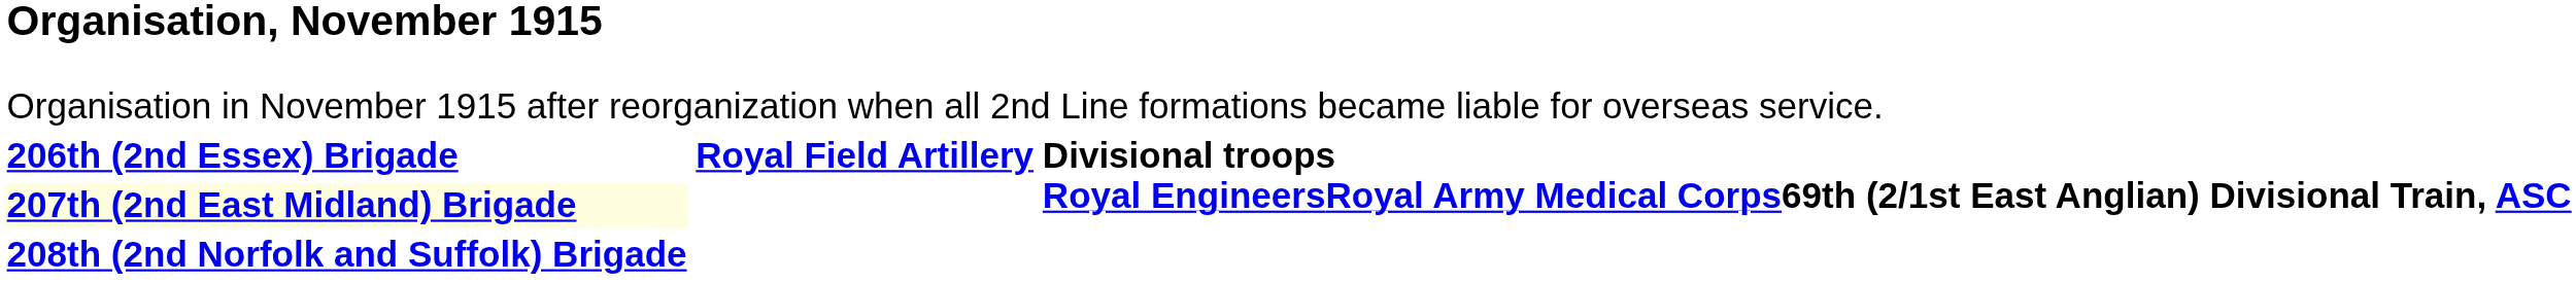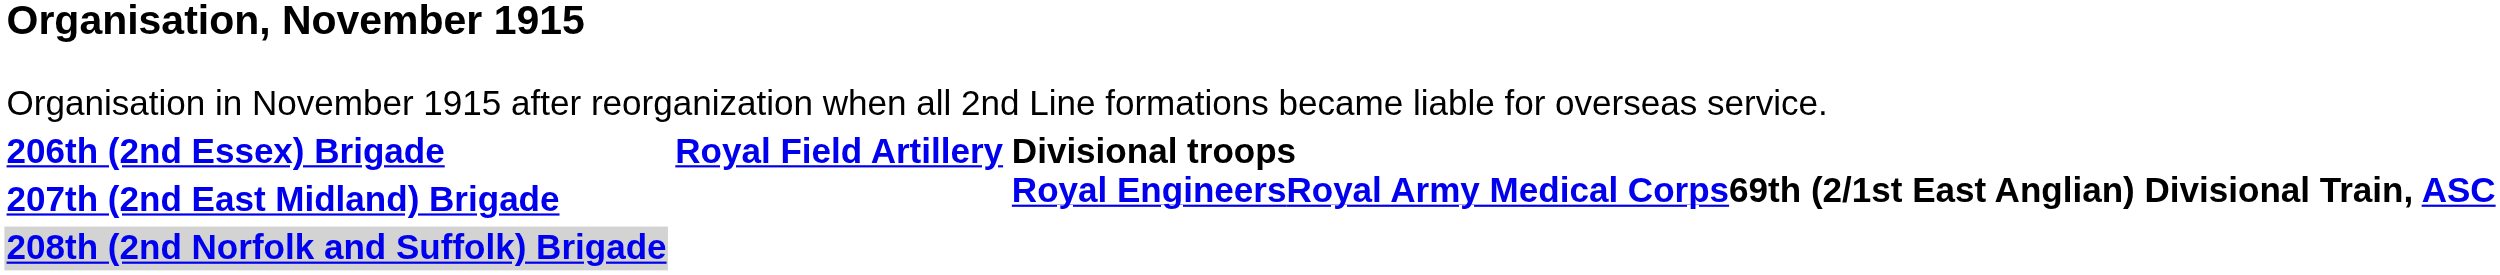 <table>
 <tr>
 <td colspan="3"><br><h3>Organisation, November 1915</h3>Organisation in November 1915 after reorganization when all 2nd Line formations became liable for overseas service.</td>
 </tr>
 <tr valign="top">
 <td><strong><a href='#'>206th (2nd Essex) Brigade</a></strong><br></td>
 <td rowspan=3><strong><a href='#'>Royal Field Artillery</a></strong><br></td>
 <td rowspan=3><strong>Divisional troops</strong><br><strong><a href='#'>Royal Engineers</a></strong><strong><a href='#'>Royal Army Medical Corps</a></strong><strong>69th (2/1st East Anglian) Divisional Train, <a href='#'>ASC</a></strong></td>
 </tr>
 <tr valign="top">
-<td style="background: lightyellow;"><strong><a href='#'>207th (2nd East Midland) Brigade</a></strong><br></td>
+<td><strong><a href='#'>207th (2nd East Midland) Brigade</a></strong><br></td>
 </tr>
 <tr valign="top">
-<td><strong><a href='#'>208th (2nd Norfolk and Suffolk) Brigade</a></strong><br></td>
+<td style="background: lightgrey;"><strong><a href='#'>208th (2nd Norfolk and Suffolk) Brigade</a></strong><br></td>
 </tr>
 <tr>
 </tr>
 </table>
